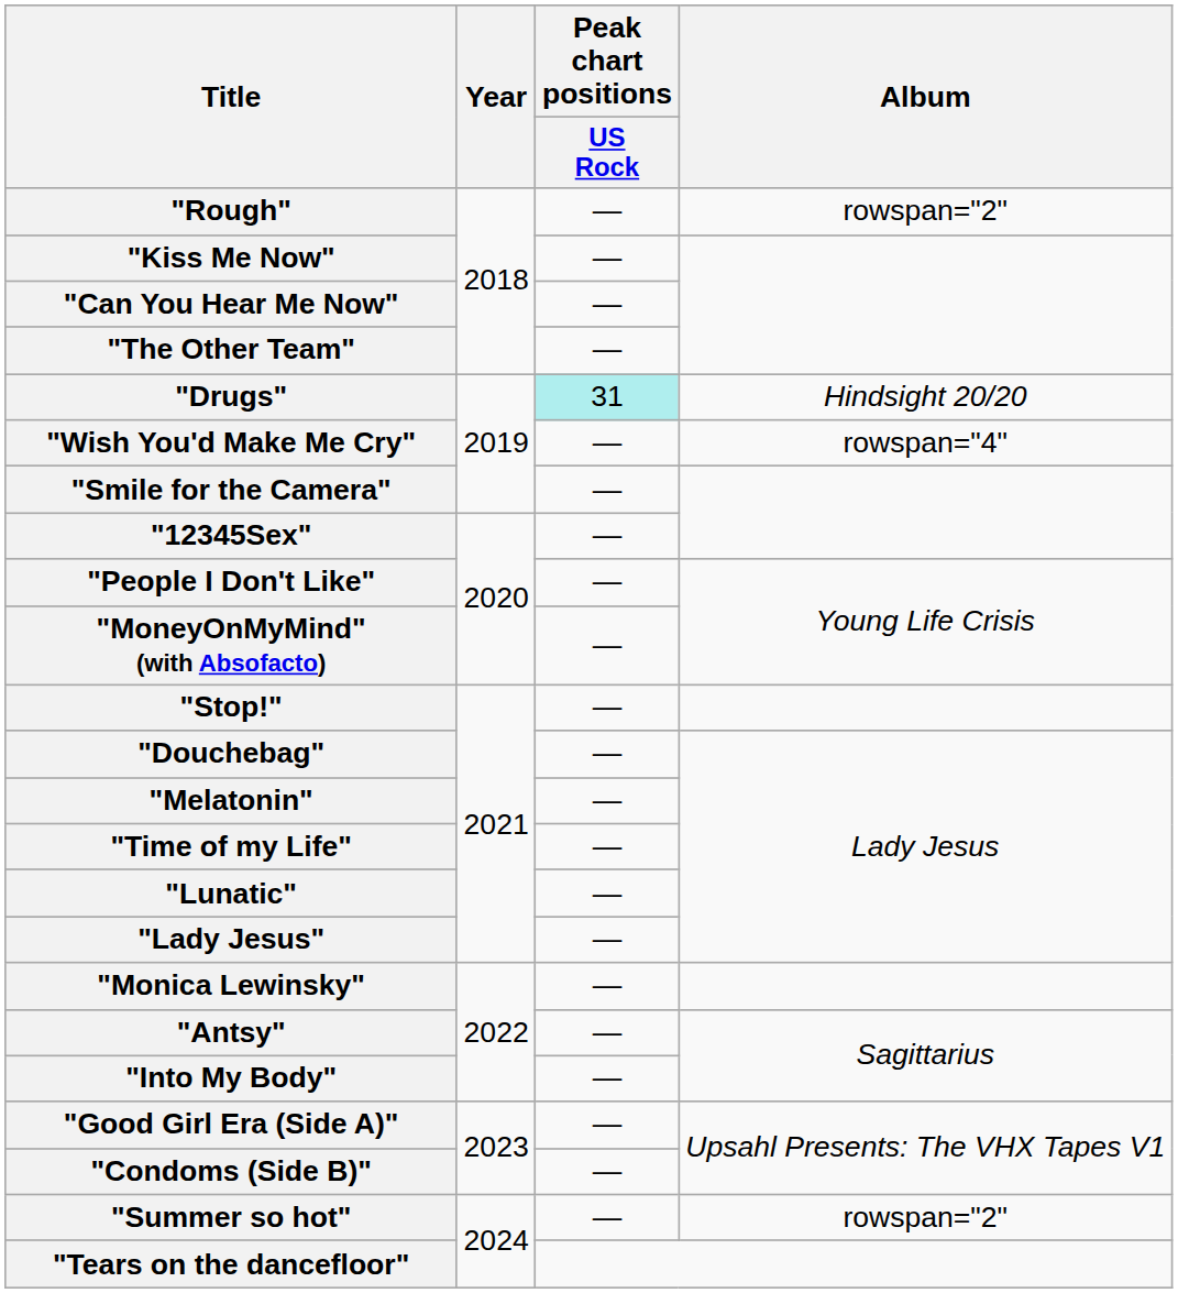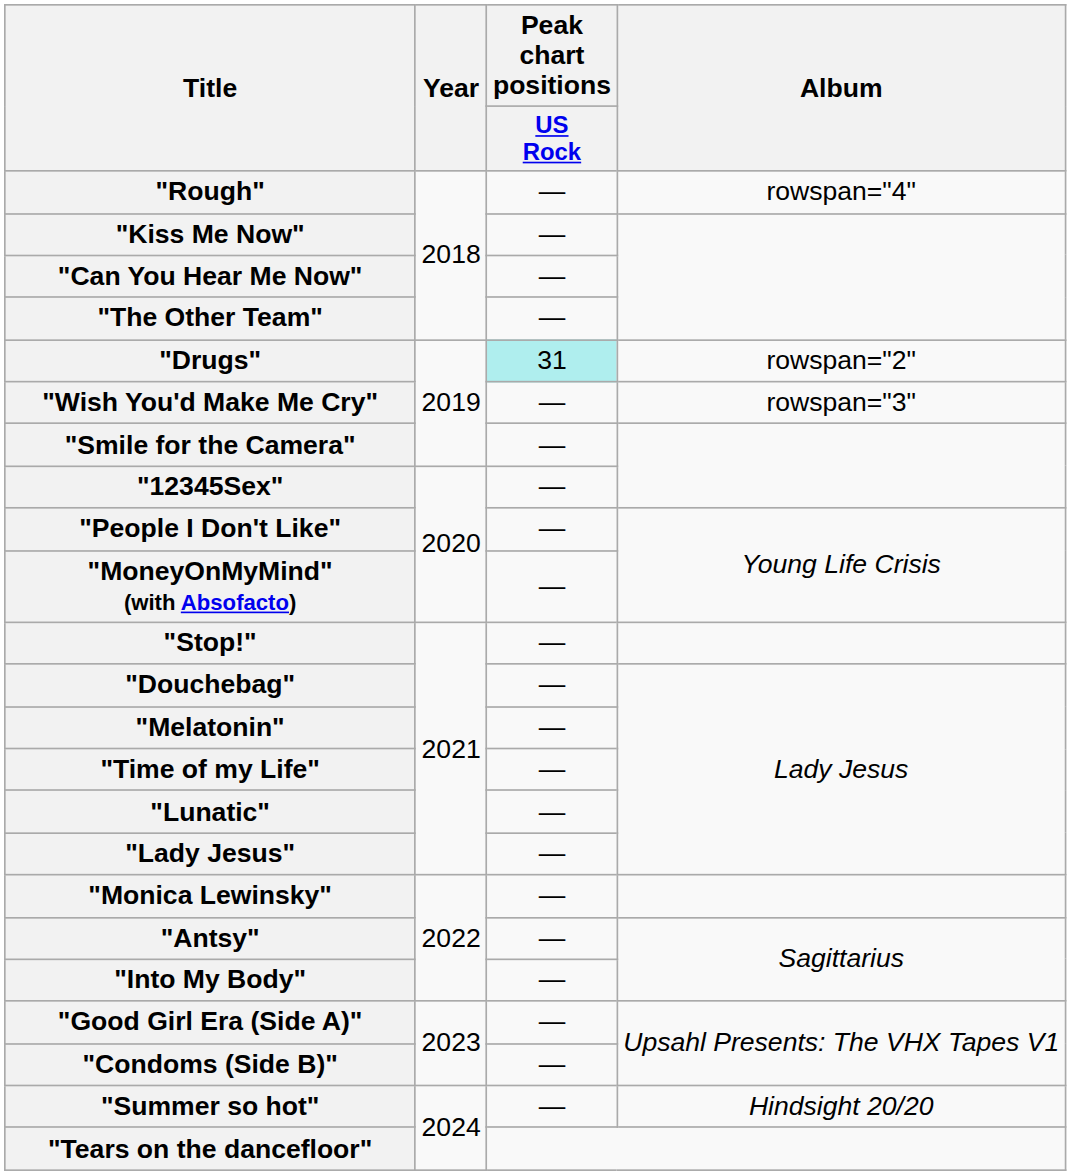 <table class="wikitable plainrowheaders" style="text-align:center;">
 <tr>
 <th scope="col" rowspan="2" style="width:15em;">Title</th>
 <th scope="col" rowspan="2">Year</th>
 <th scope="col">Peak chart positions</th>
 <th scope="col" rowspan="2">Album</th>
 </tr>
 <tr>
 <th scope="col" style="width:2.5em;font-size:90%;"><a href='#'>US<br>Rock</a><br></th>
 </tr>
 <tr>
 <th scope="row">"Rough"</th>
 <td rowspan="4">2018</td>
 <td>—</td>
-<td>rowspan="2"  </td>
+<td>rowspan="4" </td>
 </tr>
 <tr>
 <th scope="row">"Kiss Me Now"</th>
 <td>—</td>
 </tr>
 <tr>
 <th scope="row">"Can You Hear Me Now"</th>
 <td>—</td>
 </tr>
 <tr>
 <th scope="row">"The Other Team"</th>
 <td>—</td>
 </tr>
 <tr>
 <th scope="row">"Drugs"</th>
 <td rowspan="3">2019</td>
 <td style="background: paleturquoise;">31</td>
-<td><em>Hindsight 20/20</em></td>
+<td>rowspan="2"  </td>
 </tr>
 <tr>
 <th scope="row">"Wish You'd Make Me Cry"</th>
 <td>—</td>
-<td>rowspan="4" </td>
+<td>rowspan="3" </td>
 </tr>
 <tr>
 <th scope="row">"Smile for the Camera"</th>
 <td>—</td>
 </tr>
 <tr>
 <th scope="row">"12345Sex"</th>
 <td rowspan="3">2020</td>
 <td>—</td>
 </tr>
 <tr>
 <th scope="row">"People I Don't Like"</th>
 <td>—</td>
 <td rowspan="2"><em>Young Life Crisis</em></td>
 </tr>
 <tr>
 <th scope="row">"MoneyOnMyMind"<br><small>(with <a href='#'>Absofacto</a>)</small></th>
 <td>—</td>
 </tr>
 <tr>
 <th scope="row">"Stop!"</th>
 <td rowspan="6">2021</td>
 <td>—</td>
 <td></td>
 </tr>
 <tr>
 <th scope="row">"Douchebag"</th>
 <td>—</td>
 <td rowspan="5"><em>Lady Jesus</em></td>
 </tr>
 <tr>
 <th scope="row">"Melatonin"</th>
 <td>—</td>
 </tr>
 <tr>
 <th scope="row">"Time of my Life"</th>
 <td>—</td>
 </tr>
 <tr>
 <th scope="row">"Lunatic"</th>
 <td>—</td>
 </tr>
 <tr>
 <th scope="row">"Lady Jesus"</th>
 <td>—</td>
 </tr>
 <tr>
 <th scope="row">"Monica Lewinsky"</th>
 <td rowspan="3">2022</td>
 <td>—</td>
 <td></td>
 </tr>
 <tr>
 <th scope="row">"Antsy"</th>
 <td>—</td>
 <td rowspan="2"><em>Sagittarius</em></td>
 </tr>
 <tr>
 <th scope="row">"Into My Body"</th>
 <td>—</td>
 </tr>
 <tr>
 <th scope="row">"Good Girl Era (Side A)"</th>
 <td rowspan="2">2023</td>
 <td>—</td>
 <td rowspan="2"><em>Upsahl Presents: The VHX Tapes V1</em></td>
 </tr>
 <tr>
 <th scope="row">"Condoms (Side B)"</th>
 <td>—</td>
 </tr>
 <tr>
 <th scope="row">"Summer so hot"</th>
 <td rowspan="2">2024</td>
 <td>—</td>
-<td>rowspan="2"  </td>
+<td><em>Hindsight 20/20</em></td>
 </tr>
 <tr>
 <th scope="row">"Tears on the dancefloor"</th>
 </tr>
 </table>
